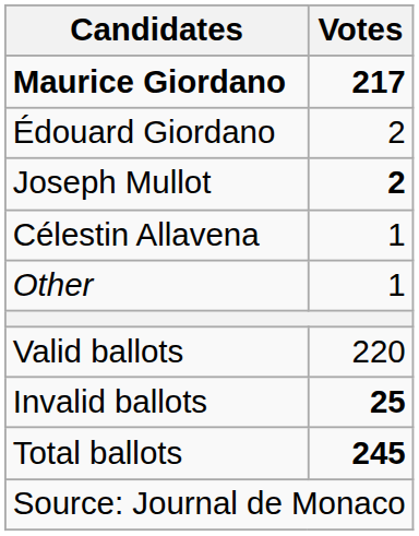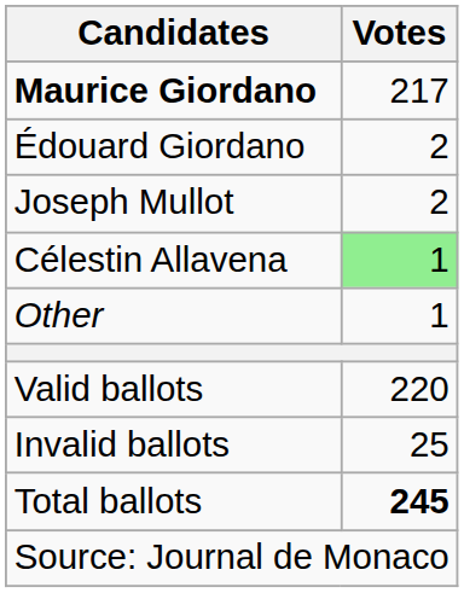 <table class="wikitable" style="text-align:right">
 <tr>
 <th>Candidates</th>
 <th>Votes</th>
 </tr>
 <tr>
 <td align=left><strong>Maurice Giordano</strong></td>
-<td><strong>217</strong></td>
+<td>217</td>
 </tr>
 <tr>
 <td align=left>Édouard Giordano</td>
 <td>2</td>
 </tr>
 <tr>
 <td align=left>Joseph Mullot</td>
-<td><strong>2</strong></td>
+<td>2</td>
 </tr>
 <tr>
 <td align=left>Célestin Allavena</td>
-<td>1</td>
+<td style="background: lightgreen;">1</td>
 </tr>
 <tr>
 <td align=left><em>Other</em></td>
 <td>1</td>
 </tr>
 <tr>
 <th colspan=3></th>
 </tr>
 <tr>
 <td align=left>Valid ballots</td>
 <td>220</td>
 </tr>
 <tr>
 <td align=left>Invalid ballots</td>
-<td><strong>25</strong></td>
+<td>25</td>
 </tr>
 <tr>
 <td align=left>Total ballots</td>
 <td><strong>245</strong></td>
 </tr>
 <tr>
 <td colspan=2 align=left>Source: Journal de Monaco</td>
 </tr>
 </table>
